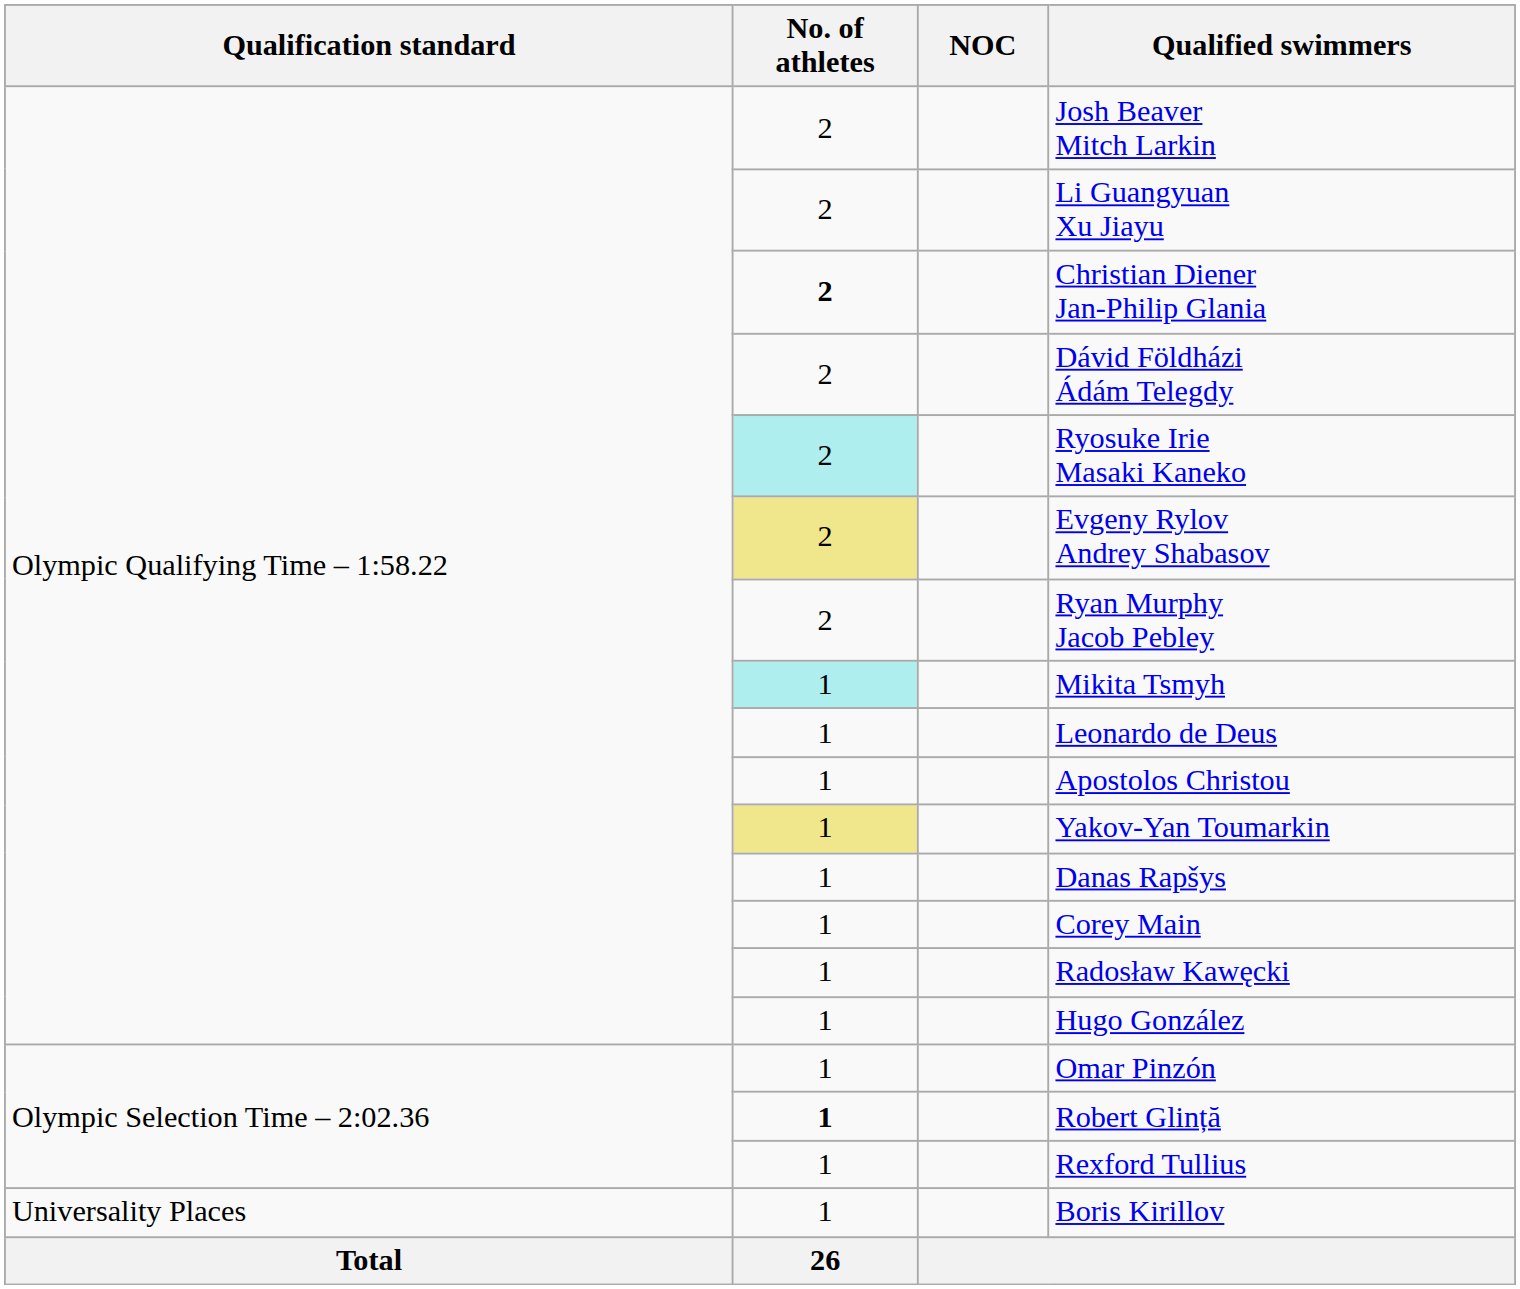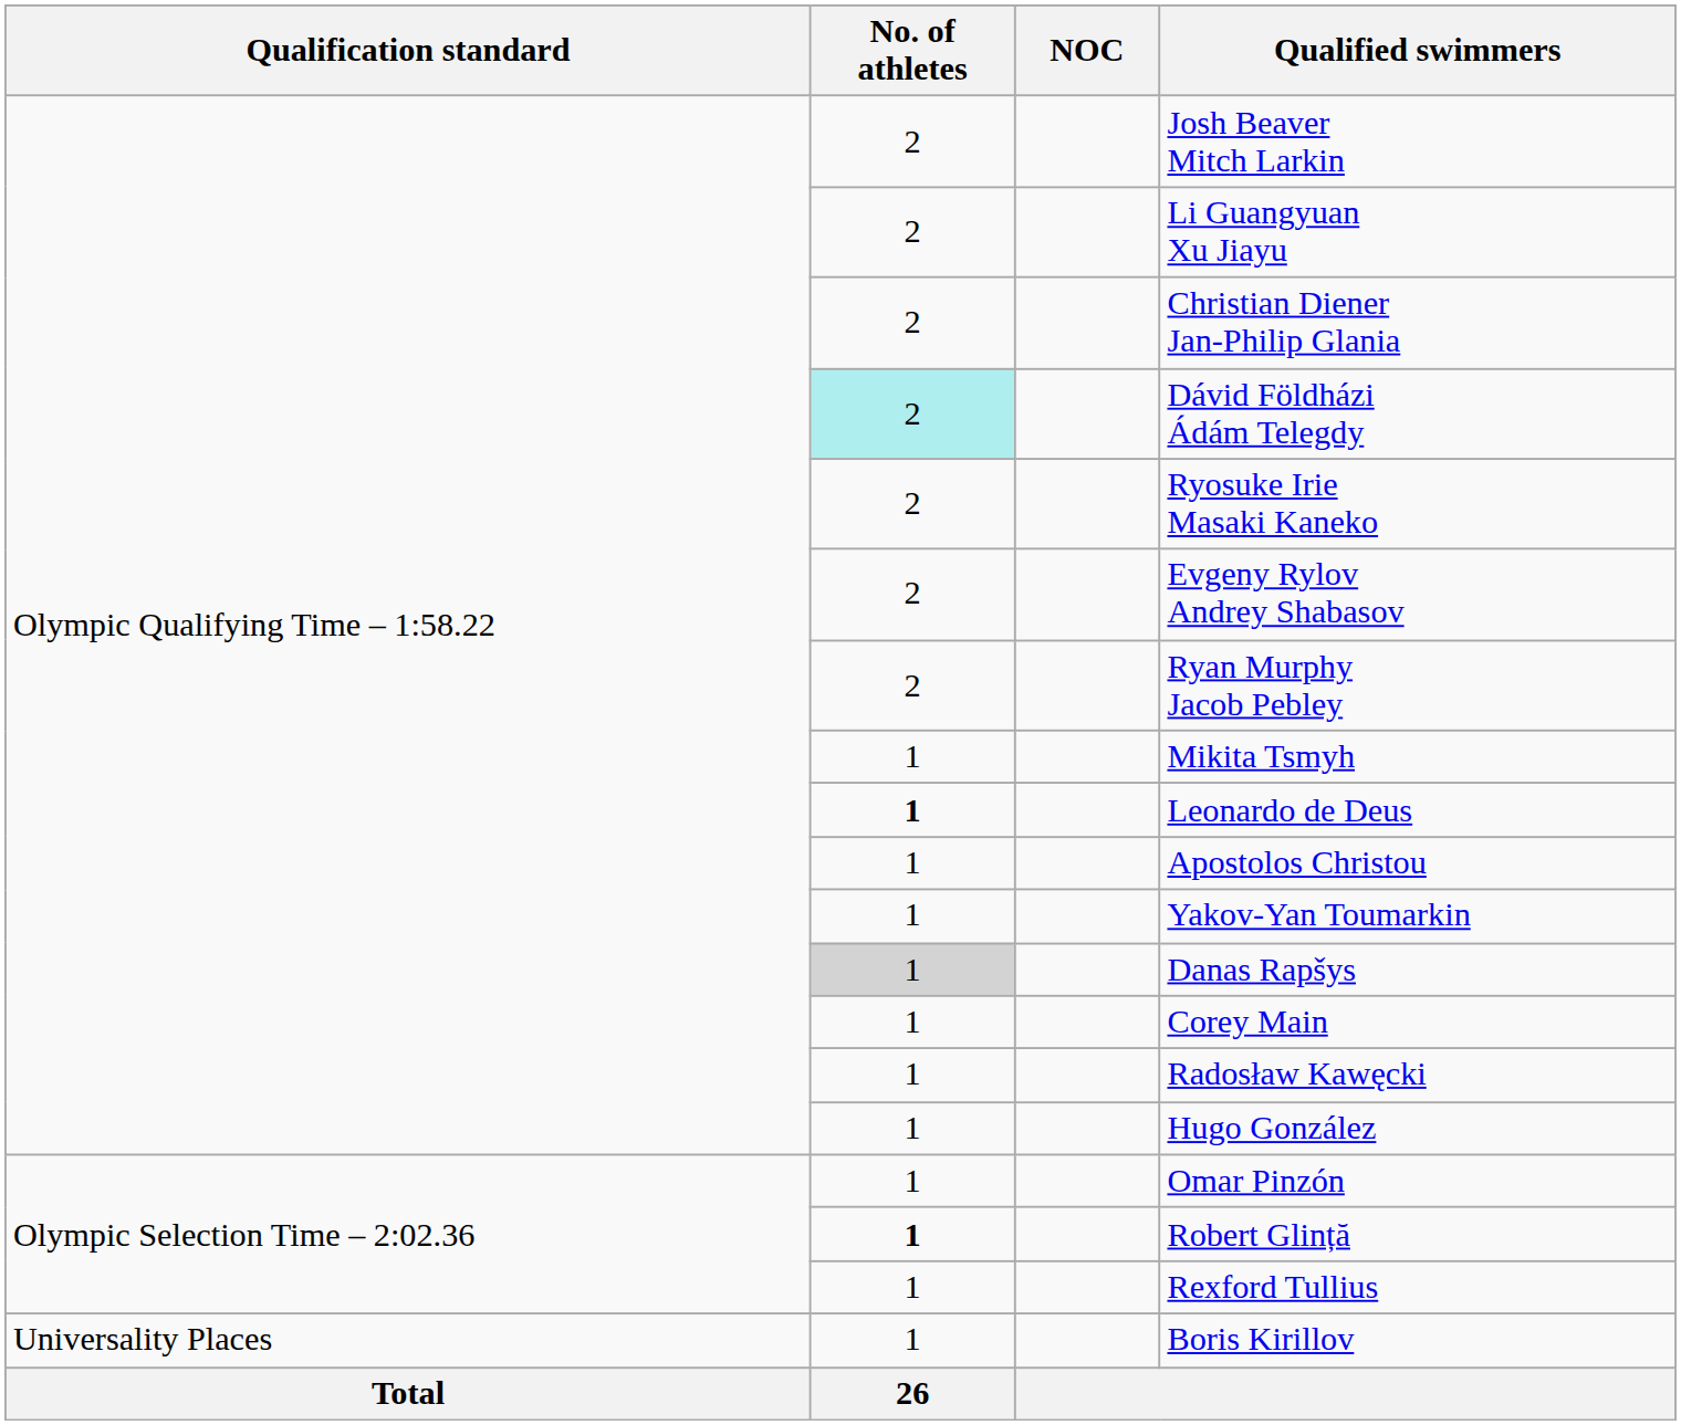 <table class=wikitable style="text-align:left" width=800>
 <tr>
 <th>Qualification standard</th>
 <th width=90>No. of athletes</th>
 <th>NOC</th>
 <th>Qualified swimmers</th>
 </tr>
 <tr>
 <td rowspan=15>Olympic Qualifying Time – 1:58.22</td>
 <td align=center>2</td>
 <td></td>
 <td><a href='#'>Josh Beaver</a><br><a href='#'>Mitch Larkin</a></td>
 </tr>
 <tr>
 <td align=center>2</td>
 <td></td>
 <td><a href='#'>Li Guangyuan</a><br><a href='#'>Xu Jiayu</a></td>
 </tr>
 <tr>
-<td align=center><strong>2</strong></td>
+<td align=center>2</td>
 <td></td>
 <td><a href='#'>Christian Diener</a><br><a href='#'>Jan-Philip Glania</a></td>
 </tr>
 <tr>
-<td align=center>2</td>
+<td align=center style="background: paleturquoise;">2</td>
 <td></td>
 <td><a href='#'>Dávid Földházi</a><br><a href='#'>Ádám Telegdy</a></td>
 </tr>
 <tr>
-<td align=center style="background: paleturquoise;">2</td>
+<td align=center>2</td>
 <td></td>
 <td><a href='#'>Ryosuke Irie</a><br><a href='#'>Masaki Kaneko</a></td>
 </tr>
 <tr>
-<td align=center style="background: khaki;">2</td>
+<td align=center>2</td>
 <td></td>
 <td><a href='#'>Evgeny Rylov</a><br><a href='#'>Andrey Shabasov</a></td>
 </tr>
 <tr>
 <td align=center>2</td>
 <td></td>
 <td><a href='#'>Ryan Murphy</a><br><a href='#'>Jacob Pebley</a></td>
 </tr>
 <tr>
-<td align=center style="background: paleturquoise;">1</td>
+<td align=center>1</td>
 <td></td>
 <td><a href='#'>Mikita Tsmyh</a></td>
 </tr>
 <tr>
-<td align=center>1</td>
+<td align=center><strong>1</strong></td>
 <td></td>
 <td><a href='#'>Leonardo de Deus</a></td>
 </tr>
 <tr>
 <td align=center>1</td>
 <td></td>
 <td><a href='#'>Apostolos Christou</a></td>
 </tr>
 <tr>
-<td align=center style="background: khaki;">1</td>
+<td align=center>1</td>
 <td></td>
 <td><a href='#'>Yakov-Yan Toumarkin</a></td>
 </tr>
 <tr>
-<td align=center>1</td>
+<td align=center style="background: lightgrey;">1</td>
 <td></td>
 <td><a href='#'>Danas Rapšys</a></td>
 </tr>
 <tr>
 <td align=center>1</td>
 <td></td>
 <td><a href='#'>Corey Main</a></td>
 </tr>
 <tr>
 <td align=center>1</td>
 <td></td>
 <td><a href='#'>Radosław Kawęcki</a></td>
 </tr>
 <tr>
 <td align=center>1</td>
 <td></td>
 <td><a href='#'>Hugo González</a></td>
 </tr>
 <tr>
 <td rowspan=3>Olympic Selection Time – 2:02.36</td>
 <td align=center>1</td>
 <td></td>
 <td><a href='#'>Omar Pinzón</a></td>
 </tr>
 <tr>
 <td align=center><strong>1</strong></td>
 <td></td>
 <td><a href='#'>Robert Glință</a></td>
 </tr>
 <tr>
 <td align=center>1</td>
 <td></td>
 <td><a href='#'>Rexford Tullius</a></td>
 </tr>
 <tr>
 <td>Universality Places</td>
 <td align=center>1</td>
 <td></td>
 <td><a href='#'>Boris Kirillov</a></td>
 </tr>
 <tr>
 <th><strong>Total</strong></th>
 <th>26</th>
 <th colspan=2></th>
 </tr>
 </table>
